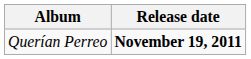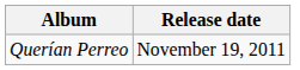 <table class="wikitable">
 <tr>
 <th>Album</th>
 <th>Release date</th>
 </tr>
 <tr>
 <td><em>Querían Perreo</em></td>
-<td><strong>November 19, 2011</strong></td>
+<td>November 19, 2011</td>
 </tr>
 </table>
